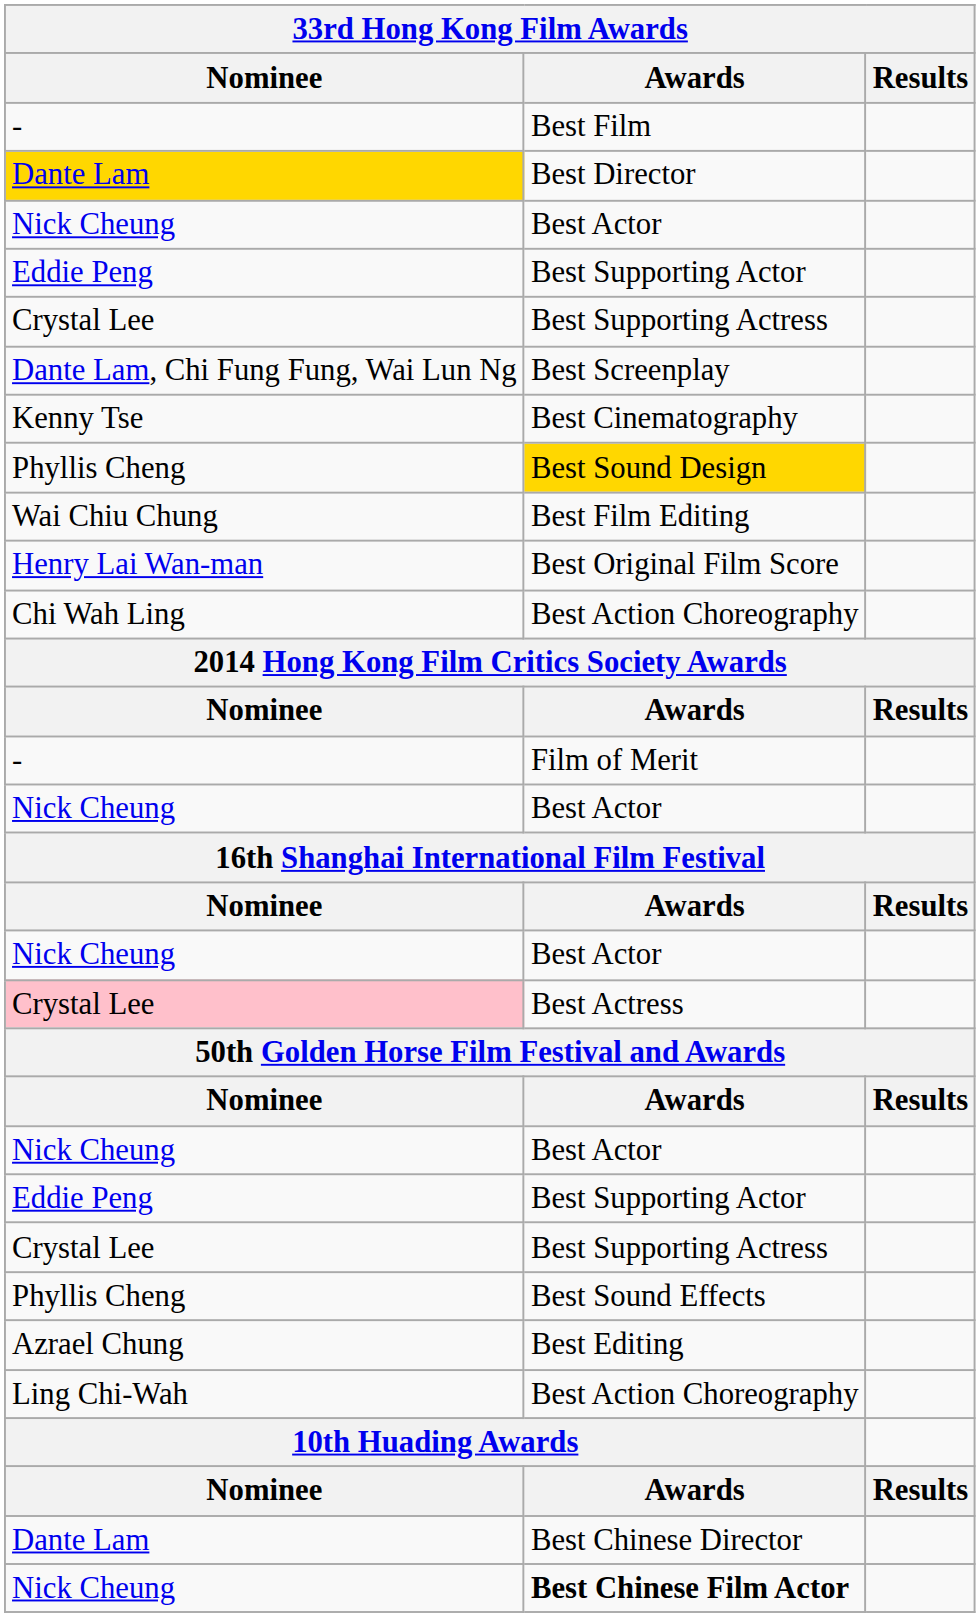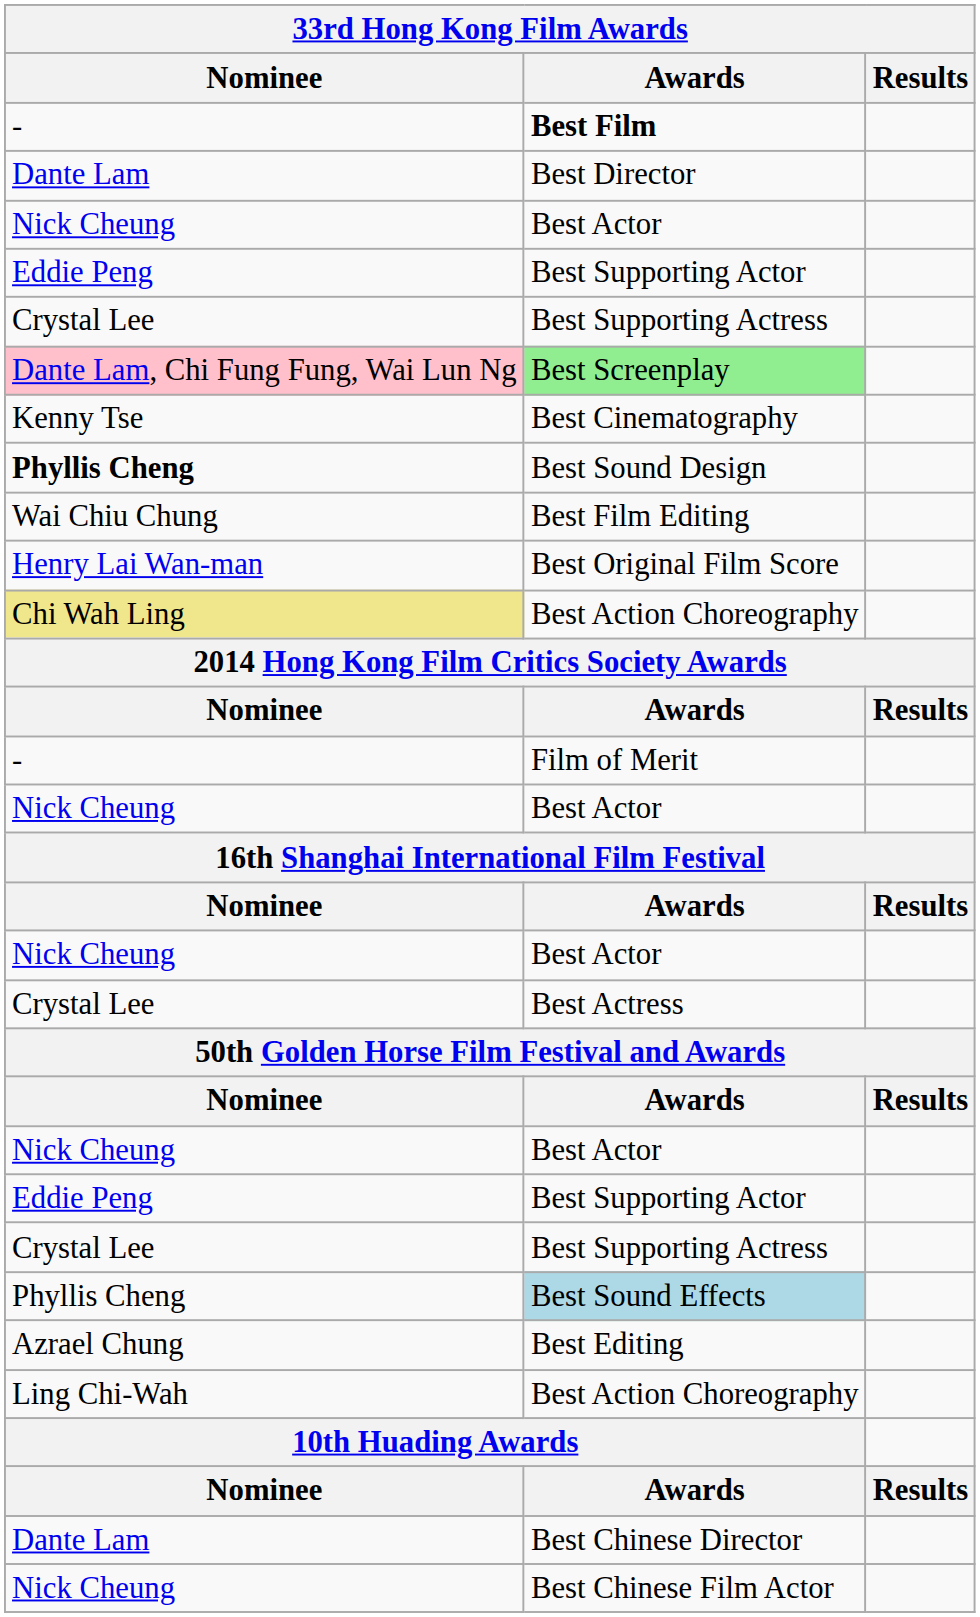 <table class="wikitable">
 <tr>
 <th colspan=4><a href='#'>33rd Hong Kong Film Awards</a></th>
 </tr>
 <tr>
 <th>Nominee</th>
 <th>Awards</th>
 <th>Results</th>
 </tr>
 <tr>
 <td>-</td>
-<td>Best Film</td>
+<td><strong>Best Film</strong></td>
 <td></td>
 </tr>
 <tr>
-<td style="background: gold;"><a href='#'>Dante Lam</a></td>
+<td><a href='#'>Dante Lam</a></td>
 <td>Best Director</td>
 <td></td>
 </tr>
 <tr>
 <td><a href='#'>Nick Cheung</a></td>
 <td>Best Actor</td>
 <td></td>
 </tr>
 <tr>
 <td><a href='#'>Eddie Peng</a></td>
 <td>Best Supporting Actor</td>
 <td></td>
 </tr>
 <tr>
 <td>Crystal Lee</td>
 <td>Best Supporting Actress</td>
 <td></td>
 </tr>
 <tr>
-<td><a href='#'>Dante Lam</a>, Chi Fung Fung, Wai Lun Ng</td>
-<td>Best Screenplay</td>
+<td style="background: pink;"><a href='#'>Dante Lam</a>, Chi Fung Fung, Wai Lun Ng</td>
+<td style="background: lightgreen;">Best Screenplay</td>
 <td></td>
 </tr>
 <tr>
 <td>Kenny Tse</td>
 <td>Best Cinematography</td>
 <td></td>
 </tr>
 <tr>
-<td>Phyllis Cheng</td>
-<td style="background: gold;">Best Sound Design</td>
+<td><strong>Phyllis Cheng</strong></td>
+<td>Best Sound Design</td>
 <td></td>
 </tr>
 <tr>
 <td>Wai Chiu Chung</td>
 <td>Best Film Editing</td>
 <td></td>
 </tr>
 <tr>
 <td><a href='#'>Henry Lai Wan-man</a></td>
 <td>Best Original Film Score</td>
 <td></td>
 </tr>
 <tr>
-<td>Chi Wah Ling</td>
+<td style="background: khaki;">Chi Wah Ling</td>
 <td>Best Action Choreography</td>
 <td></td>
 </tr>
 <tr>
 <th colspan=4>2014 <a href='#'>Hong Kong Film Critics Society Awards</a></th>
 </tr>
 <tr>
 <th>Nominee</th>
 <th>Awards</th>
 <th>Results</th>
 </tr>
 <tr>
 <td>-</td>
 <td>Film of Merit</td>
 <td></td>
 </tr>
 <tr>
 <td><a href='#'>Nick Cheung</a></td>
 <td>Best Actor</td>
 <td></td>
 </tr>
 <tr>
 <th colspan=4>16th <a href='#'>Shanghai International Film Festival</a></th>
 </tr>
 <tr>
 <th>Nominee</th>
 <th>Awards</th>
 <th>Results</th>
 </tr>
 <tr>
 <td><a href='#'>Nick Cheung</a></td>
 <td>Best Actor</td>
 <td></td>
 </tr>
 <tr>
-<td style="background: pink;">Crystal Lee</td>
+<td>Crystal Lee</td>
 <td>Best Actress</td>
 <td></td>
 </tr>
 <tr>
 <th colspan=4>50th <a href='#'>Golden Horse Film Festival and Awards</a></th>
 </tr>
 <tr>
 <th>Nominee</th>
 <th>Awards</th>
 <th>Results</th>
 </tr>
 <tr>
 <td><a href='#'>Nick Cheung</a></td>
 <td>Best Actor</td>
 <td></td>
 </tr>
 <tr>
 <td><a href='#'>Eddie Peng</a></td>
 <td>Best Supporting Actor</td>
 <td></td>
 </tr>
 <tr>
 <td>Crystal Lee</td>
 <td>Best Supporting Actress</td>
 <td></td>
 </tr>
 <tr>
 <td>Phyllis Cheng</td>
-<td>Best Sound Effects</td>
+<td style="background: lightblue;">Best Sound Effects</td>
 <td></td>
 </tr>
 <tr>
 <td>Azrael Chung</td>
 <td>Best Editing</td>
 <td></td>
 </tr>
 <tr>
 <td>Ling Chi-Wah</td>
 <td>Best Action Choreography</td>
 <td></td>
 </tr>
 <tr>
 <th colspan=2><a href='#'>10th Huading Awards</a></th>
 </tr>
 <tr>
 <th>Nominee</th>
 <th>Awards</th>
 <th>Results</th>
 </tr>
 <tr>
 <td><a href='#'>Dante Lam</a></td>
 <td>Best Chinese Director</td>
 <td></td>
 </tr>
 <tr>
 <td><a href='#'>Nick Cheung</a></td>
-<td><strong>Best Chinese Film Actor</strong></td>
+<td>Best Chinese Film Actor</td>
 <td></td>
 </tr>
 </table>
